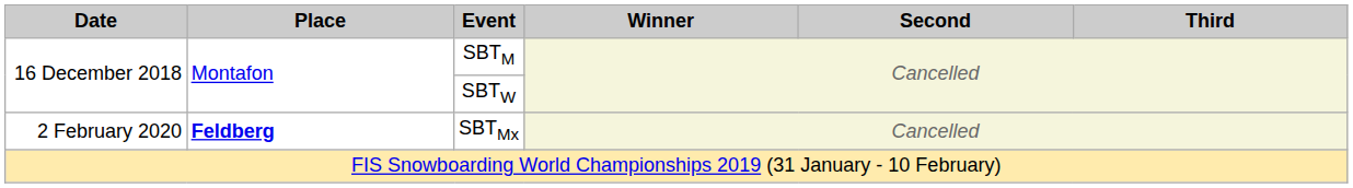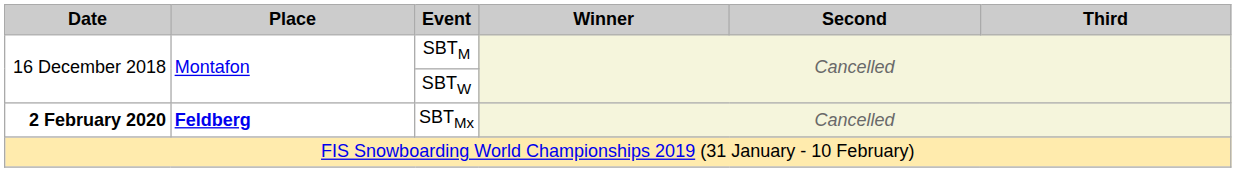 <table class="wikitable plainrowheaders" style="background:#fff; font-size:86%; line-height:16px; border:grey solid 1px; border-collapse:collapse;">
 <tr>
 <th scope="col" style="background:#ccc; width:120px;">Date</th>
 <th scope="col" style="background:#ccc; width:180px;">Place</th>
 <th scope="col" style="background:#ccc; width:30px;">Event</th>
 <th scope="col" style="background:#ccc; width:185px;">Winner</th>
 <th scope="col" style="background:#ccc; width:185px;">Second</th>
 <th scope="col" style="background:#ccc; width:185px;">Third</th>
 </tr>
 <tr>
 <td align="right" rowspan=2>16 December 2018</td>
 <td rowspan=2> <a href='#'>Montafon</a></td>
 <td align="center">SBT<sub>M</sub></td>
 <td rowspan=2 colspan=5 align=center bgcolor="F5F5DC" style=color:#696969><em>Cancelled</em></td>
 </tr>
 <tr>
 <td align="center">SBT<sub>W</sub></td>
 </tr>
 <tr>
-<td align="right">2 February 2020</td>
+<td align="right"><strong>2 February 2020</strong></td>
 <td><strong> <a href='#'>Feldberg</a></strong></td>
 <td align="center">SBT<sub>Mx</sub></td>
 <td colspan=5 align=center bgcolor="F5F5DC" style=color:#696969><em>Cancelled</em></td>
 </tr>
 <tr style="background:#FFEBAD">
 <td colspan="6" align="middle"><a href='#'>FIS Snowboarding World Championships 2019</a>  (31 January - 10 February)</td>
 </tr>
 </table>
